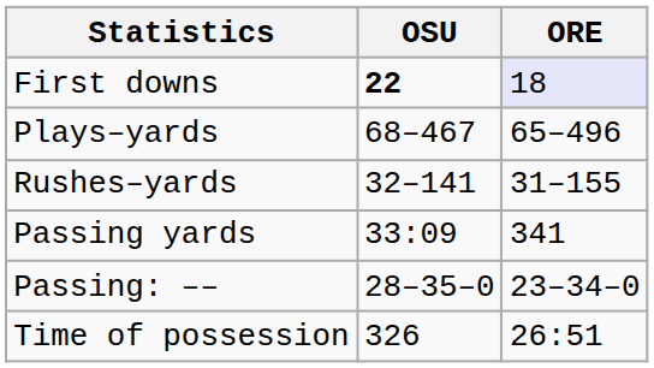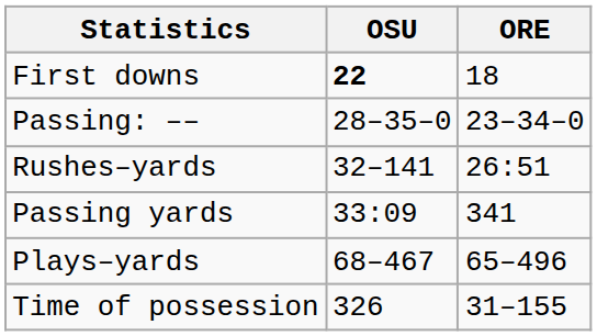 <table class="wikitable" style="float:left">
 <tr>
 <th>Statistics</th>
 <th>OSU</th>
 <th>ORE</th>
 </tr>
 <tr>
 <td>First downs</td>
 <td><strong>22</strong></td>
-<td style="background: lavender;">18</td>
+<td>18</td>
+</tr>
+<tr>
+<td>Passing: ––</td>
+<td>28–35–0</td>
+<td>23–34–0</td>
+</tr>
+<tr>
+<td>Rushes–yards</td>
+<td>32–141</td>
+<td>26:51</td>
+</tr>
+<tr>
+<td>Passing yards</td>
+<td>33:09</td>
+<td>341</td>
 </tr>
 <tr>
 <td>Plays–yards</td>
 <td>68–467</td>
 <td>65–496</td>
 </tr>
 <tr>
-<td>Rushes–yards</td>
-<td>32–141</td>
+<td>Time of possession</td>
+<td>326</td>
 <td>31–155</td>
 </tr>
-<tr>
-<td>Passing yards</td>
-<td>33:09</td>
-<td>341</td>
-</tr>
-<tr>
-<td>Passing: ––</td>
-<td>28–35–0</td>
-<td>23–34–0</td>
-</tr>
-<tr>
-<td>Time of possession</td>
-<td>326</td>
-<td>26:51</td>
-</tr>
 </table>
